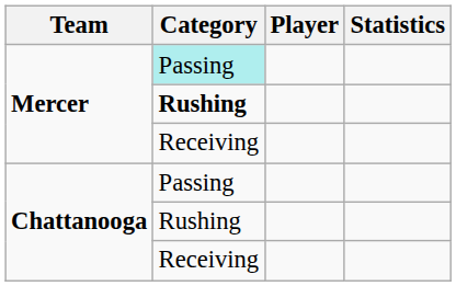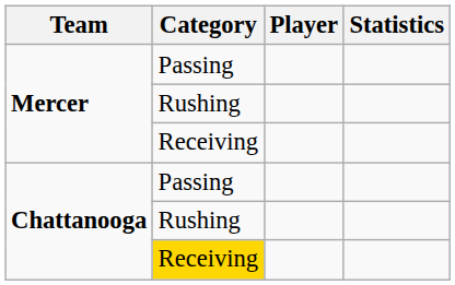 <table class="wikitable" style="float: right;">
 <tr>
 <th>Team</th>
 <th>Category</th>
 <th>Player</th>
 <th>Statistics</th>
 </tr>
 <tr>
 <td rowspan=3><strong>Mercer</strong></td>
-<td style="background: paleturquoise;">Passing</td>
+<td>Passing</td>
 <td></td>
 <td></td>
 </tr>
 <tr>
-<td><strong>Rushing</strong></td>
+<td>Rushing</td>
 <td></td>
 <td></td>
 </tr>
 <tr>
 <td>Receiving</td>
 <td></td>
 <td></td>
 </tr>
 <tr>
 <td rowspan=3><strong>Chattanooga</strong></td>
 <td>Passing</td>
 <td></td>
 <td></td>
 </tr>
 <tr>
 <td>Rushing</td>
 <td></td>
 <td></td>
 </tr>
 <tr>
-<td>Receiving</td>
+<td style="background: gold;">Receiving</td>
 <td></td>
 <td></td>
 </tr>
 </table>
